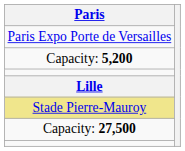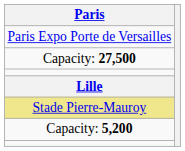 <table class="wikitable" style="text-align:center">
 <tr>
 <th><a href='#'>Paris</a></th>
 <th rowspan=8 colspan=3></th>
 </tr>
 <tr>
 <td><a href='#'>Paris Expo Porte de Versailles</a></td>
 </tr>
 <tr>
-<td>Capacity: <strong>5,200</strong></td>
+<td>Capacity: <strong>27,500</strong></td>
 </tr>
 <tr>
 <td></td>
 </tr>
 <tr>
 <th><a href='#'>Lille</a></th>
 </tr>
 <tr>
 <td style="background: khaki;"><a href='#'>Stade Pierre-Mauroy</a></td>
 </tr>
 <tr>
-<td>Capacity: <strong>27,500</strong></td>
+<td>Capacity: <strong>5,200</strong></td>
 </tr>
 <tr>
 <td></td>
 </tr>
 </table>
